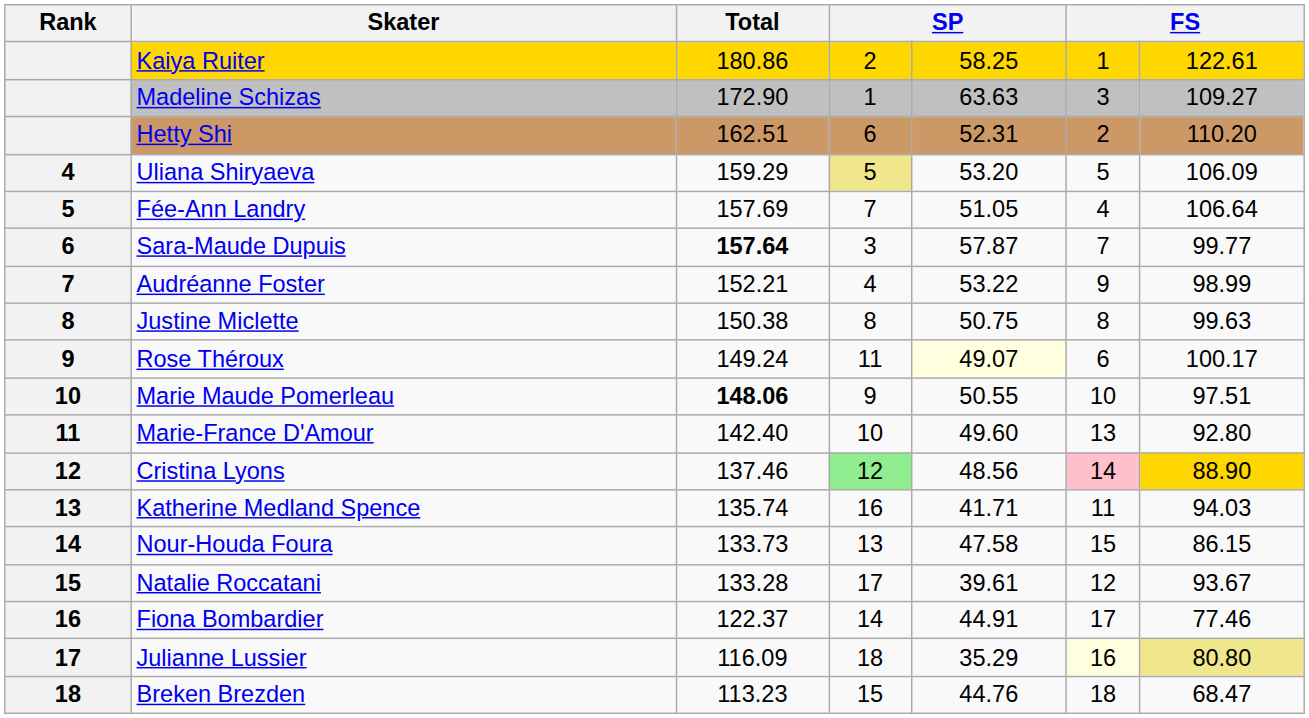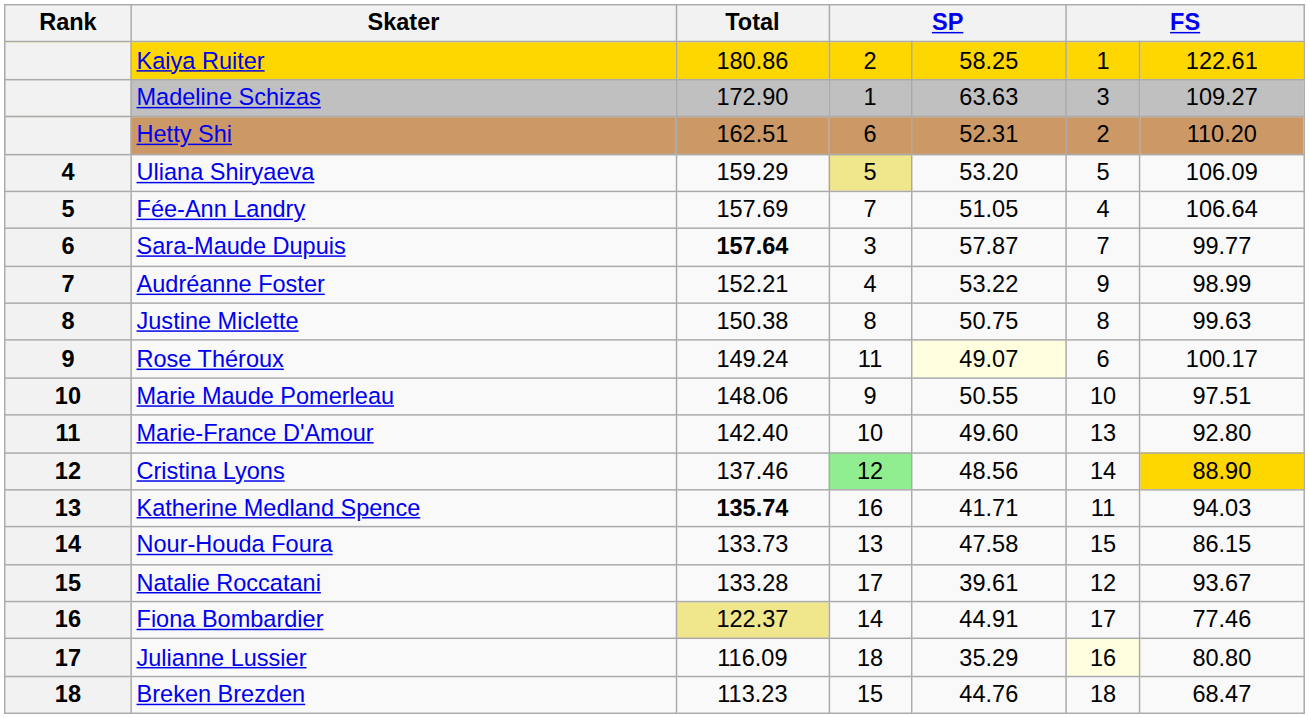 <table class="wikitable sortable" style="text-align:center; width:70%">
 <tr>
 <th scope="col">Rank</th>
 <th scope="col">Skater</th>
 <th scope="col">Total</th>
 <th scope="col" colspan="2" width="80px"><a href='#'>SP</a></th>
 <th scope="col" colspan="2" width="80px"><a href='#'>FS</a></th>
 </tr>
 <tr bgcolor="gold">
 <th scope="row"></th>
 <td align="left"><a href='#'>Kaiya Ruiter</a></td>
 <td>180.86</td>
 <td>2</td>
 <td>58.25</td>
 <td>1</td>
 <td>122.61</td>
 </tr>
 <tr bgcolor="silver">
 <th scope="row"></th>
 <td align="left"><a href='#'>Madeline Schizas</a></td>
 <td>172.90</td>
 <td>1</td>
 <td>63.63</td>
 <td>3</td>
 <td>109.27</td>
 </tr>
 <tr bgcolor="cc9966">
 <th scope="row"></th>
 <td align="left"><a href='#'>Hetty Shi</a></td>
 <td>162.51</td>
 <td>6</td>
 <td>52.31</td>
 <td>2</td>
 <td>110.20</td>
 </tr>
 <tr>
 <th scope="row">4</th>
 <td align="left"><a href='#'>Uliana Shiryaeva</a></td>
 <td>159.29</td>
 <td style="background: khaki;">5</td>
 <td>53.20</td>
 <td>5</td>
 <td>106.09</td>
 </tr>
 <tr>
 <th scope="row">5</th>
 <td align="left"><a href='#'>Fée-Ann Landry</a></td>
 <td>157.69</td>
 <td>7</td>
 <td>51.05</td>
 <td>4</td>
 <td>106.64</td>
 </tr>
 <tr>
 <th scope="row">6</th>
 <td align="left"><a href='#'>Sara-Maude Dupuis</a></td>
 <td><strong>157.64</strong></td>
 <td>3</td>
 <td>57.87</td>
 <td>7</td>
 <td>99.77</td>
 </tr>
 <tr>
 <th scope="row">7</th>
 <td align="left"><a href='#'>Audréanne Foster</a></td>
 <td>152.21</td>
 <td>4</td>
 <td>53.22</td>
 <td>9</td>
 <td>98.99</td>
 </tr>
 <tr>
 <th scope="row">8</th>
 <td align="left"><a href='#'>Justine Miclette</a></td>
 <td>150.38</td>
 <td>8</td>
 <td>50.75</td>
 <td>8</td>
 <td>99.63</td>
 </tr>
 <tr>
 <th scope="row">9</th>
 <td align="left"><a href='#'>Rose Théroux</a></td>
 <td>149.24</td>
 <td>11</td>
 <td style="background: lightyellow;">49.07</td>
 <td>6</td>
 <td>100.17</td>
 </tr>
 <tr>
 <th scope="row">10</th>
 <td align="left"><a href='#'>Marie Maude Pomerleau</a></td>
-<td><strong>148.06</strong></td>
+<td>148.06</td>
 <td>9</td>
 <td>50.55</td>
 <td>10</td>
 <td>97.51</td>
 </tr>
 <tr>
 <th scope="row">11</th>
 <td align="left"><a href='#'>Marie-France D'Amour</a></td>
 <td>142.40</td>
 <td>10</td>
 <td>49.60</td>
 <td>13</td>
 <td>92.80</td>
 </tr>
 <tr>
 <th scope="row">12</th>
 <td align="left"><a href='#'>Cristina Lyons</a></td>
 <td>137.46</td>
 <td style="background: lightgreen;">12</td>
 <td>48.56</td>
-<td style="background: pink;">14</td>
+<td>14</td>
 <td style="background: gold;">88.90</td>
 </tr>
 <tr>
 <th scope="row">13</th>
 <td align="left"><a href='#'>Katherine Medland Spence</a></td>
-<td>135.74</td>
+<td><strong>135.74</strong></td>
 <td>16</td>
 <td>41.71</td>
 <td>11</td>
 <td>94.03</td>
 </tr>
 <tr>
 <th scope="row">14</th>
 <td align="left"><a href='#'>Nour-Houda Foura</a></td>
 <td>133.73</td>
 <td>13</td>
 <td>47.58</td>
 <td>15</td>
 <td>86.15</td>
 </tr>
 <tr>
 <th scope="row">15</th>
 <td align="left"><a href='#'>Natalie Roccatani</a></td>
 <td>133.28</td>
 <td>17</td>
 <td>39.61</td>
 <td>12</td>
 <td>93.67</td>
 </tr>
 <tr>
 <th scope="row">16</th>
 <td align="left"><a href='#'>Fiona Bombardier</a></td>
-<td>122.37</td>
+<td style="background: khaki;">122.37</td>
 <td>14</td>
 <td>44.91</td>
 <td>17</td>
 <td>77.46</td>
 </tr>
 <tr>
 <th scope="row">17</th>
 <td align="left"><a href='#'>Julianne Lussier</a></td>
 <td>116.09</td>
 <td>18</td>
 <td>35.29</td>
 <td style="background: lightyellow;">16</td>
-<td style="background: khaki;">80.80</td>
+<td>80.80</td>
 </tr>
 <tr>
 <th scope="row">18</th>
 <td align="left"><a href='#'>Breken Brezden</a></td>
 <td>113.23</td>
 <td>15</td>
 <td>44.76</td>
 <td>18</td>
 <td>68.47</td>
 </tr>
 </table>
